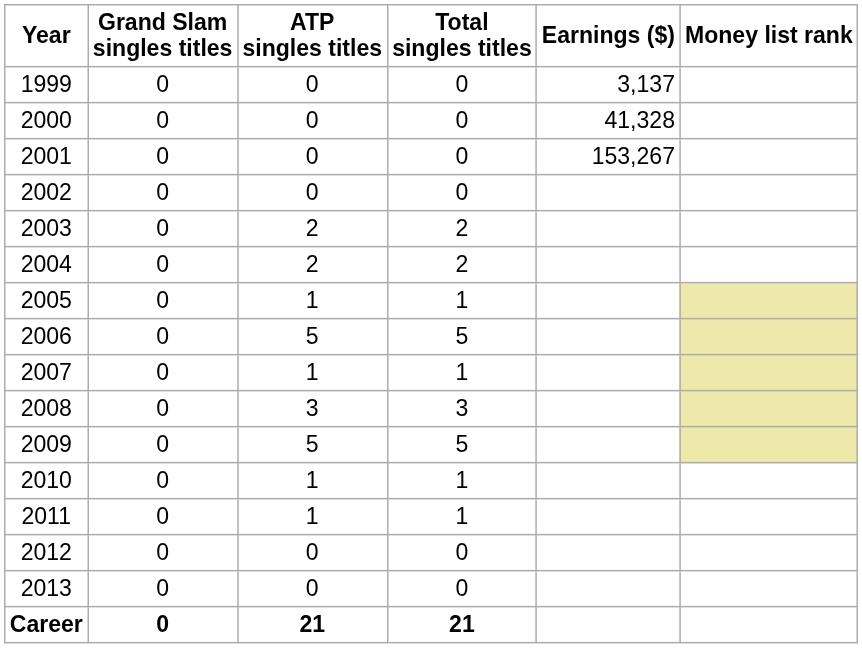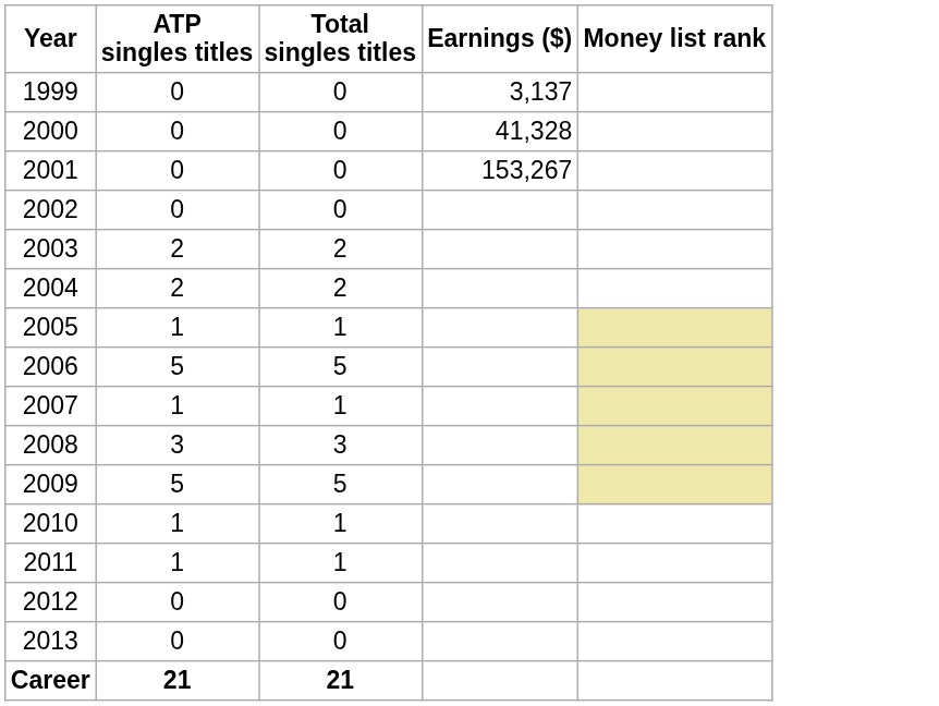 <table cellpadding=3 cellspacing=0 border=1 style=font-align:centre;border:#aaa;solid:1;border-collapse:collapse;text-align:center>
 <tr>
 <th>Year</th>
-<th>Grand Slam<br>singles titles</th>
 <th>ATP<br>singles titles</th>
 <th>Total<br>singles titles</th>
 <th>Earnings ($)</th>
 <th>Money list rank</th>
 </tr>
 <tr>
 <td>1999</td>
 <td>0</td>
 <td>0</td>
-<td>0</td>
 <td align=right>3,137</td>
 <td></td>
 </tr>
 <tr>
 <td>2000</td>
-<td>0</td>
 <td>0</td>
 <td>0</td>
 <td align=right>41,328</td>
 <td></td>
 </tr>
 <tr>
 <td>2001</td>
 <td>0</td>
 <td>0</td>
-<td>0</td>
 <td align=right>153,267</td>
 <td></td>
 </tr>
 <tr>
 <td>2002</td>
 <td>0</td>
 <td>0</td>
-<td>0</td>
 <td align=right></td>
 <td></td>
 </tr>
 <tr>
 <td>2003</td>
-<td>0</td>
 <td>2</td>
 <td>2</td>
 <td align=right></td>
 <td></td>
 </tr>
 <tr>
 <td>2004</td>
-<td>0</td>
 <td>2</td>
 <td>2</td>
 <td align=right></td>
 <td></td>
 </tr>
 <tr>
 <td>2005</td>
-<td>0</td>
 <td>1</td>
 <td>1</td>
 <td align=right></td>
 <td bgcolor=eee8aa></td>
 </tr>
 <tr>
 <td>2006</td>
-<td>0</td>
 <td>5</td>
 <td>5</td>
 <td align=right></td>
 <td bgcolor=eee8aa></td>
 </tr>
 <tr>
 <td>2007</td>
-<td>0</td>
 <td>1</td>
 <td>1</td>
 <td align=right></td>
 <td bgcolor=eee8aa></td>
 </tr>
 <tr>
 <td>2008</td>
-<td>0</td>
 <td>3</td>
 <td>3</td>
 <td align=right></td>
 <td bgcolor=eee8aa></td>
 </tr>
 <tr>
 <td>2009</td>
-<td>0</td>
 <td>5</td>
 <td>5</td>
 <td align=right></td>
 <td bgcolor=eee8aa></td>
 </tr>
 <tr>
 <td>2010</td>
-<td>0</td>
 <td>1</td>
 <td>1</td>
 <td align=right></td>
 <td></td>
 </tr>
 <tr>
 <td>2011</td>
-<td>0</td>
 <td>1</td>
 <td>1</td>
 <td align=right></td>
 <td></td>
 </tr>
 <tr>
 <td>2012</td>
 <td>0</td>
 <td>0</td>
-<td>0</td>
 <td align=right></td>
 <td></td>
 </tr>
 <tr>
 <td>2013</td>
 <td>0</td>
 <td>0</td>
-<td>0</td>
 <td align=right></td>
 <td></td>
 </tr>
 <tr>
 <th>Career</th>
-<th>0</th>
 <th>21</th>
 <th>21</th>
 <th></th>
 <th></th>
 </tr>
 </table>
